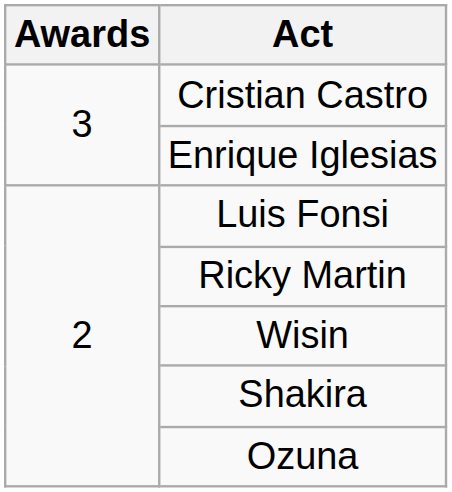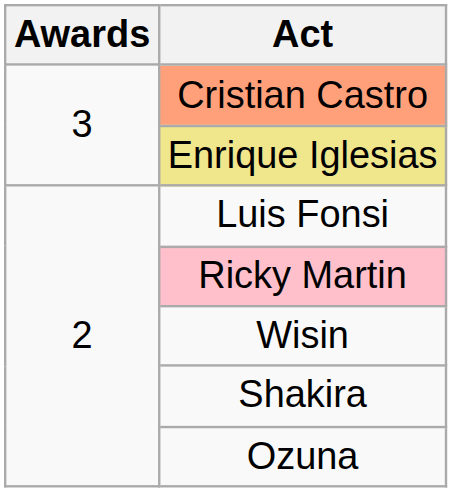 <table class="wikitable" rowspan="2" style="text-align:center;">
 <tr>
 <th scope="col">Awards</th>
 <th scope="col">Act</th>
 </tr>
 <tr>
 <td rowspan="2">3</td>
-<td>Cristian Castro</td>
+<td style="background: lightsalmon;">Cristian Castro</td>
 </tr>
 <tr>
-<td>Enrique Iglesias</td>
+<td style="background: khaki;">Enrique Iglesias</td>
 </tr>
 <tr>
 <td rowspan="5">2</td>
 <td>Luis Fonsi</td>
 </tr>
 <tr>
-<td>Ricky Martin</td>
+<td style="background: pink;">Ricky Martin</td>
 </tr>
 <tr>
 <td>Wisin</td>
 </tr>
 <tr>
 <td>Shakira</td>
 </tr>
 <tr>
 <td>Ozuna</td>
 </tr>
 </table>
